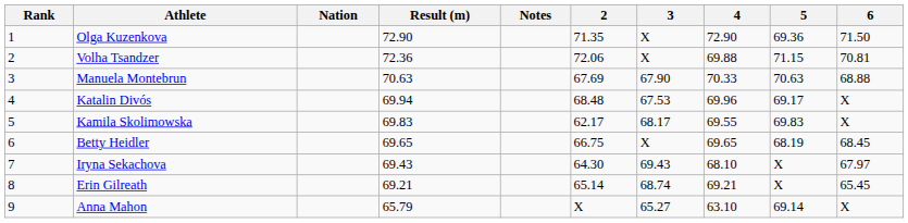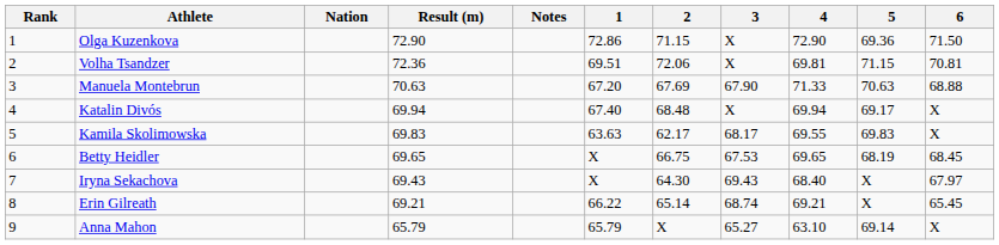 <table class="wikitable" style="text=align:center;" width=85%>
 <tr>
 <th>Rank</th>
 <th>Athlete</th>
 <th>Nation</th>
 <th>Result (m)</th>
 <th>Notes</th>
+<th>1</th>
 <th>2</th>
 <th>3</th>
 <th>4</th>
 <th>5</th>
 <th>6</th>
 </tr>
 <tr>
 <td>1</td>
 <td><a href='#'>Olga Kuzenkova</a></td>
 <td></td>
 <td>72.90</td>
 <td></td>
-<td>71.35</td>
+<td>72.86</td>
+<td>71.15</td>
 <td>X</td>
 <td>72.90</td>
 <td>69.36</td>
 <td>71.50</td>
 </tr>
 <tr>
 <td>2</td>
 <td><a href='#'>Volha Tsandzer</a></td>
 <td></td>
 <td>72.36</td>
 <td></td>
+<td>69.51</td>
 <td>72.06</td>
 <td>X</td>
-<td>69.88</td>
+<td>69.81</td>
 <td>71.15</td>
 <td>70.81</td>
 </tr>
 <tr>
 <td>3</td>
 <td><a href='#'>Manuela Montebrun</a></td>
 <td></td>
 <td>70.63</td>
 <td></td>
+<td>67.20</td>
 <td>67.69</td>
 <td>67.90</td>
-<td>70.33</td>
+<td>71.33</td>
 <td>70.63</td>
 <td>68.88</td>
 </tr>
 <tr>
 <td>4</td>
 <td><a href='#'>Katalin Divós</a></td>
 <td></td>
 <td>69.94</td>
 <td></td>
+<td>67.40</td>
 <td>68.48</td>
-<td>67.53</td>
-<td>69.96</td>
+<td>X</td>
+<td>69.94</td>
 <td>69.17</td>
 <td>X</td>
 </tr>
 <tr>
 <td>5</td>
 <td><a href='#'>Kamila Skolimowska</a></td>
 <td></td>
 <td>69.83</td>
 <td></td>
+<td>63.63</td>
 <td>62.17</td>
 <td>68.17</td>
 <td>69.55</td>
 <td>69.83</td>
 <td>X</td>
 </tr>
 <tr>
 <td>6</td>
 <td><a href='#'>Betty Heidler</a></td>
 <td></td>
 <td>69.65</td>
 <td></td>
+<td>X</td>
 <td>66.75</td>
-<td>X</td>
+<td>67.53</td>
 <td>69.65</td>
 <td>68.19</td>
 <td>68.45</td>
 </tr>
 <tr>
 <td>7</td>
 <td><a href='#'>Iryna Sekachova</a></td>
 <td></td>
 <td>69.43</td>
 <td></td>
+<td>X</td>
 <td>64.30</td>
 <td>69.43</td>
-<td>68.10</td>
+<td>68.40</td>
 <td>X</td>
 <td>67.97</td>
 </tr>
 <tr>
 <td>8</td>
 <td><a href='#'>Erin Gilreath</a></td>
 <td></td>
 <td>69.21</td>
 <td></td>
+<td>66.22</td>
 <td>65.14</td>
 <td>68.74</td>
 <td>69.21</td>
 <td>X</td>
 <td>65.45</td>
 </tr>
 <tr>
 <td>9</td>
 <td><a href='#'>Anna Mahon</a></td>
 <td></td>
 <td>65.79</td>
 <td></td>
+<td>65.79</td>
 <td>X</td>
 <td>65.27</td>
 <td>63.10</td>
 <td>69.14</td>
 <td>X</td>
 </tr>
 </table>
